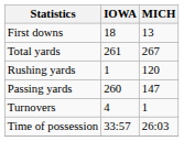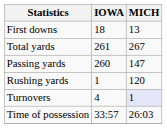 <table class="wikitable">
 <tr>
 <th>Statistics</th>
 <th>IOWA</th>
 <th>MICH</th>
 </tr>
 <tr>
 <td>First downs</td>
 <td>18</td>
 <td>13</td>
 </tr>
 <tr>
 <td>Total yards</td>
 <td>261</td>
 <td>267</td>
 </tr>
 <tr>
+<td>Passing yards</td>
+<td>260</td>
+<td>147</td>
+</tr>
+<tr>
 <td>Rushing yards</td>
 <td>1</td>
 <td>120</td>
 </tr>
 <tr>
-<td>Passing yards</td>
-<td>260</td>
-<td>147</td>
-</tr>
-<tr>
 <td>Turnovers</td>
 <td>4</td>
-<td>1</td>
+<td style="background: lavender;">1</td>
 </tr>
 <tr>
 <td>Time of possession</td>
 <td>33:57</td>
 <td>26:03</td>
 </tr>
 <tr>
 </tr>
 </table>
